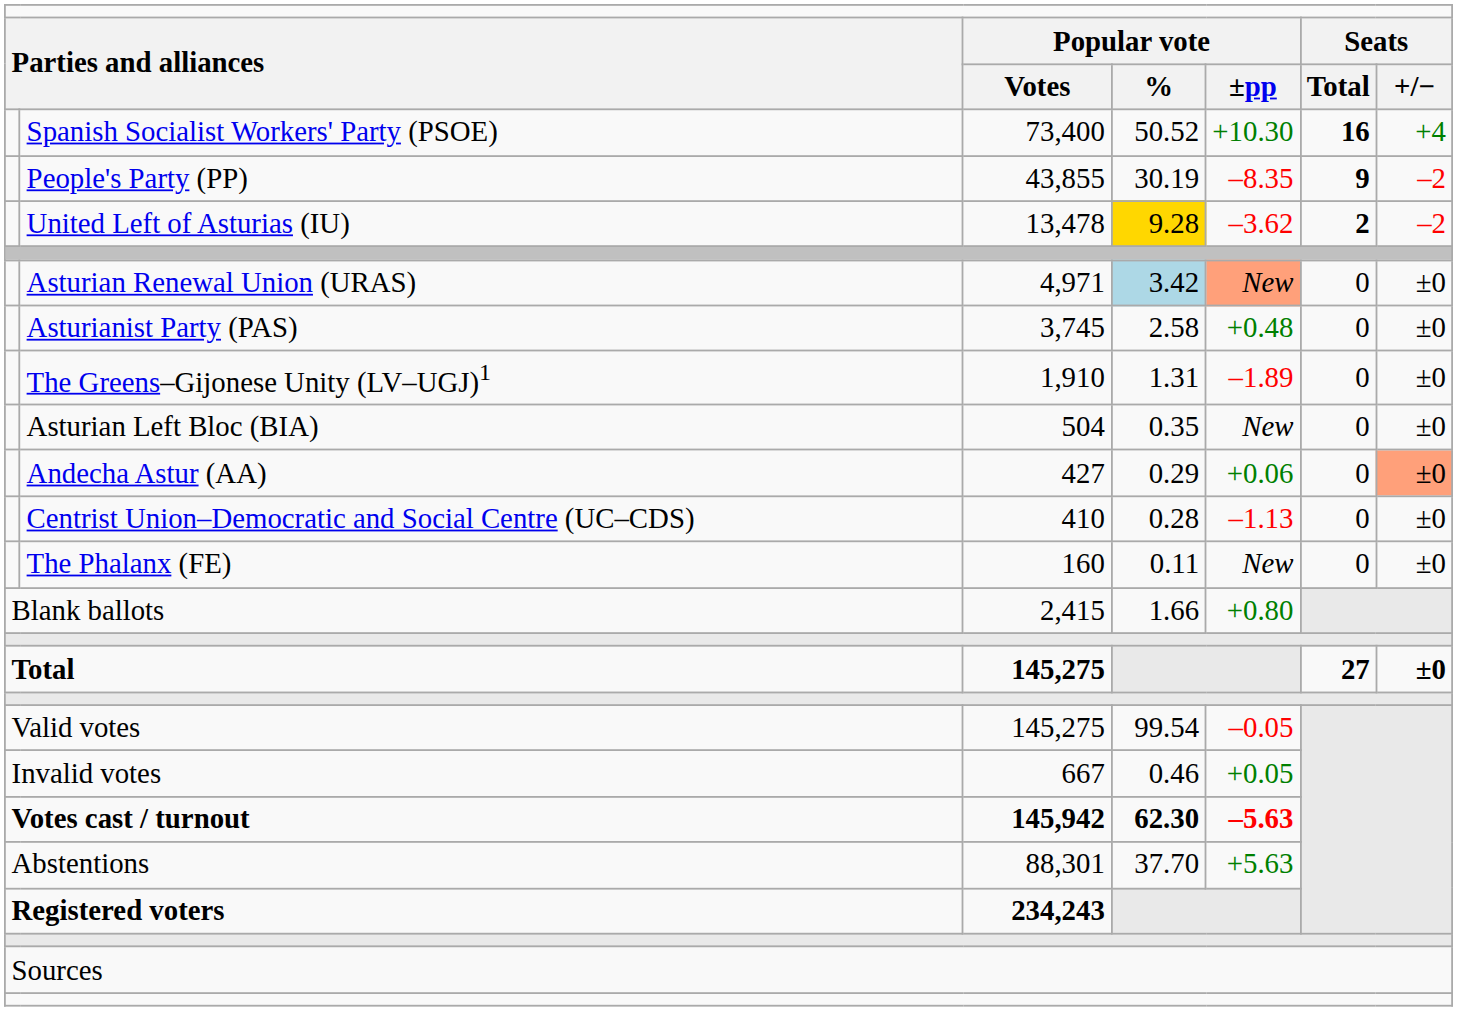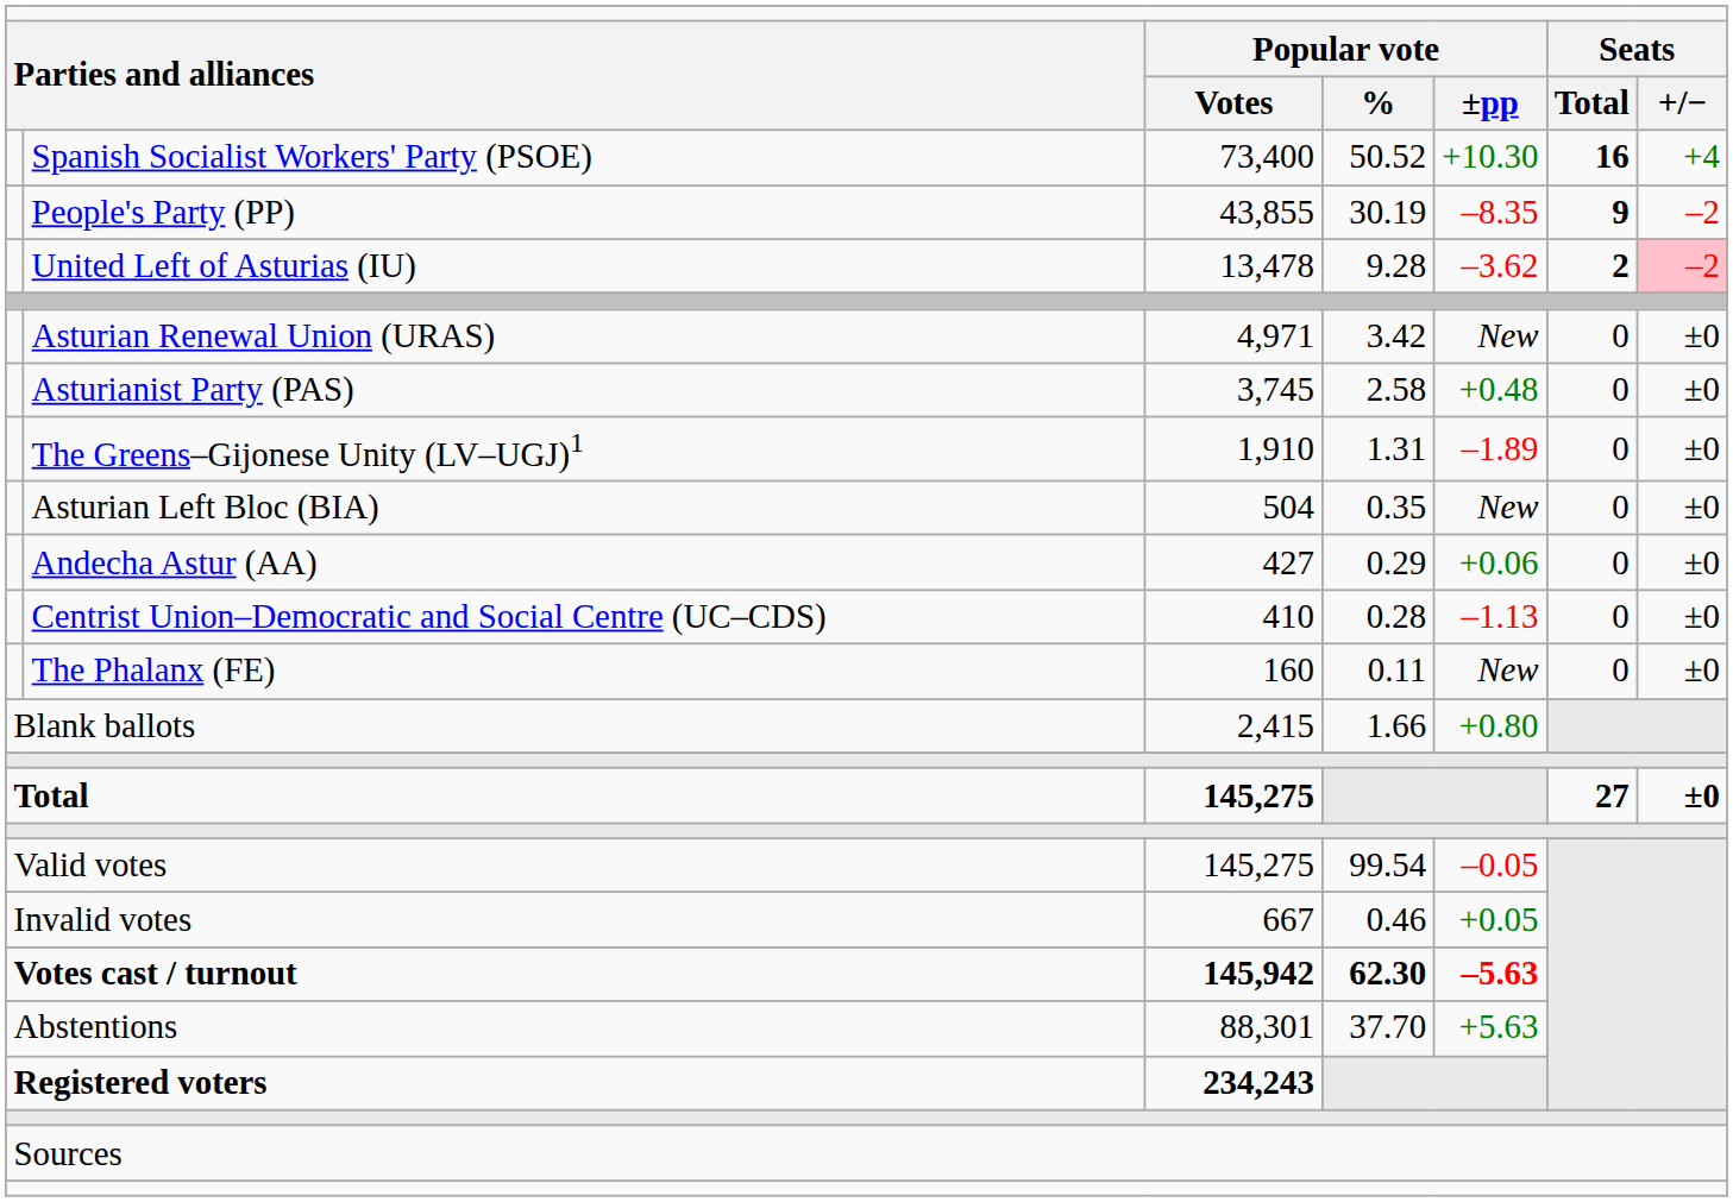 <table class="wikitable" style="text-align:right;">
 <tr>
 <td colspan="7"></td>
 </tr>
 <tr>
 <th style="text-align:left;" rowspan="2" colspan="2" width="525">Parties and alliances</th>
 <th colspan="3">Popular vote</th>
 <th colspan="2">Seats</th>
 </tr>
 <tr>
 <th width="75">Votes</th>
 <th width="45">%</th>
 <th width="45">±<a href='#'>pp</a></th>
 <th width="35">Total</th>
 <th width="35">+/−</th>
 </tr>
 <tr>
 <td width="1" style="color:inherit;background:"></td>
 <td align="left"><a href='#'>Spanish Socialist Workers' Party</a> (PSOE)</td>
 <td>73,400</td>
 <td>50.52</td>
 <td style="color:green;">+10.30</td>
 <td><strong>16</strong></td>
 <td style="color:green;">+4</td>
 </tr>
 <tr>
 <td style="color:inherit;background:"></td>
 <td align="left"><a href='#'>People's Party</a> (PP)</td>
 <td>43,855</td>
 <td>30.19</td>
 <td style="color:red;">–8.35</td>
 <td><strong>9</strong></td>
 <td style="color:red;">–2</td>
 </tr>
 <tr>
 <td style="color:inherit;background:"></td>
 <td align="left"><a href='#'>United Left of Asturias</a> (IU)</td>
 <td>13,478</td>
-<td style="background: gold;">9.28</td>
+<td>9.28</td>
 <td style="color:red;">–3.62</td>
 <td><strong>2</strong></td>
-<td style="color:red;">–2</td>
+<td style="background: pink; color:red;">–2</td>
 </tr>
 <tr>
 <td colspan="7" bgcolor="#C0C0C0"></td>
 </tr>
 <tr>
 <td style="color:inherit;background:"></td>
 <td align="left"><a href='#'>Asturian Renewal Union</a> (URAS)</td>
 <td>4,971</td>
-<td style="background: lightblue;">3.42</td>
-<td style="background: lightsalmon;"><em>New</em></td>
+<td>3.42</td>
+<td><em>New</em></td>
 <td>0</td>
 <td>±0</td>
 </tr>
 <tr>
 <td style="color:inherit;background:"></td>
 <td align="left"><a href='#'>Asturianist Party</a> (PAS)</td>
 <td>3,745</td>
 <td>2.58</td>
 <td style="color:green;">+0.48</td>
 <td>0</td>
 <td>±0</td>
 </tr>
 <tr>
 <td style="color:inherit;background:"></td>
 <td align="left"><a href='#'>The Greens</a>–Gijonese Unity (LV–UGJ)<sup>1</sup></td>
 <td>1,910</td>
 <td>1.31</td>
 <td style="color:red;">–1.89</td>
 <td>0</td>
 <td>±0</td>
 </tr>
 <tr>
 <td style="color:inherit;background:"></td>
 <td align="left">Asturian Left Bloc (BIA)</td>
 <td>504</td>
 <td>0.35</td>
 <td><em>New</em></td>
 <td>0</td>
 <td>±0</td>
 </tr>
 <tr>
 <td style="color:inherit;background:"></td>
 <td align="left"><a href='#'>Andecha Astur</a> (AA)</td>
 <td>427</td>
 <td>0.29</td>
 <td style="color:green;">+0.06</td>
 <td>0</td>
-<td style="background: lightsalmon;">±0</td>
+<td>±0</td>
 </tr>
 <tr>
 <td style="color:inherit;background:"></td>
 <td align="left"><a href='#'>Centrist Union–Democratic and Social Centre</a> (UC–CDS)</td>
 <td>410</td>
 <td>0.28</td>
 <td style="color:red;">–1.13</td>
 <td>0</td>
 <td>±0</td>
 </tr>
 <tr>
 <td style="color:inherit;background:"></td>
 <td align="left"><a href='#'>The Phalanx</a> (FE)</td>
 <td>160</td>
 <td>0.11</td>
 <td><em>New</em></td>
 <td>0</td>
 <td>±0</td>
 </tr>
 <tr>
 <td align="left" colspan="2">Blank ballots</td>
 <td>2,415</td>
 <td>1.66</td>
 <td style="color:green;">+0.80</td>
 <td bgcolor="#E9E9E9" colspan="2"></td>
 </tr>
 <tr>
 <td colspan="7" bgcolor="#E9E9E9"></td>
 </tr>
 <tr style="font-weight:bold;">
 <td align="left" colspan="2">Total</td>
 <td>145,275</td>
 <td bgcolor="#E9E9E9" colspan="2"></td>
 <td>27</td>
 <td>±0</td>
 </tr>
 <tr>
 <td colspan="7" bgcolor="#E9E9E9"></td>
 </tr>
 <tr>
 <td align="left" colspan="2">Valid votes</td>
 <td>145,275</td>
 <td>99.54</td>
 <td style="color:red;">–0.05</td>
 <td bgcolor="#E9E9E9" colspan="2" rowspan="5"></td>
 </tr>
 <tr>
 <td align="left" colspan="2">Invalid votes</td>
 <td>667</td>
 <td>0.46</td>
 <td style="color:green;">+0.05</td>
 </tr>
 <tr style="font-weight:bold;">
 <td align="left" colspan="2">Votes cast / turnout</td>
 <td>145,942</td>
 <td>62.30</td>
 <td style="color:red;">–5.63</td>
 </tr>
 <tr>
 <td align="left" colspan="2">Abstentions</td>
 <td>88,301</td>
 <td>37.70</td>
 <td style="color:green;">+5.63</td>
 </tr>
 <tr style="font-weight:bold;">
 <td align="left" colspan="2">Registered voters</td>
 <td>234,243</td>
 <td bgcolor="#E9E9E9" colspan="2"></td>
 </tr>
 <tr>
 <td colspan="7" bgcolor="#E9E9E9"></td>
 </tr>
 <tr>
 <td align="left" colspan="7">Sources</td>
 </tr>
 <tr>
 <td colspan="7" style="text-align:left; max-width:790px;"></td>
 </tr>
 </table>
